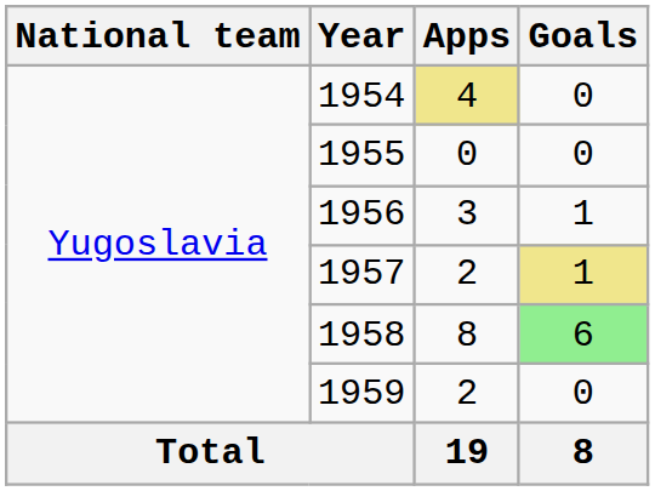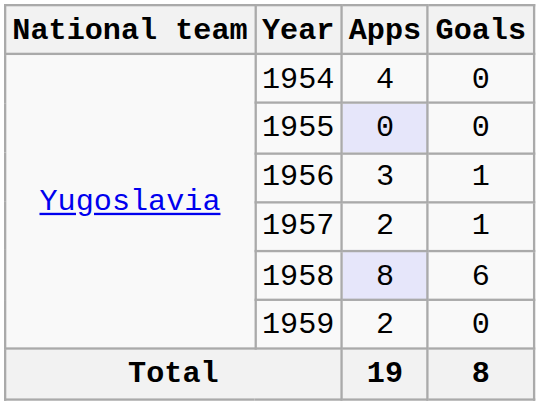 <table class="wikitable" style="text-align:center">
 <tr>
 <th>National team</th>
 <th>Year</th>
 <th>Apps</th>
 <th>Goals</th>
 </tr>
 <tr>
 <td rowspan="6"><a href='#'>Yugoslavia</a></td>
 <td>1954</td>
-<td style="background: khaki;">4</td>
+<td>4</td>
 <td>0</td>
 </tr>
 <tr>
 <td>1955</td>
-<td>0</td>
+<td style="background: lavender;">0</td>
 <td>0</td>
 </tr>
 <tr>
 <td>1956</td>
 <td>3</td>
 <td>1</td>
 </tr>
 <tr>
 <td>1957</td>
 <td>2</td>
-<td style="background: khaki;">1</td>
+<td>1</td>
 </tr>
 <tr>
 <td>1958</td>
-<td>8</td>
-<td style="background: lightgreen;">6</td>
+<td style="background: lavender;">8</td>
+<td>6</td>
 </tr>
 <tr>
 <td>1959</td>
 <td>2</td>
 <td>0</td>
 </tr>
 <tr>
 <th colspan="2">Total</th>
 <th>19</th>
 <th>8</th>
 </tr>
 </table>
